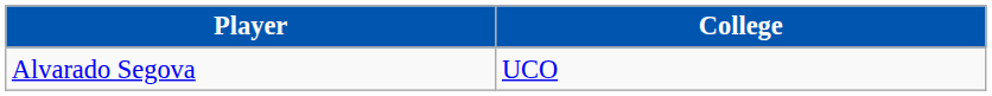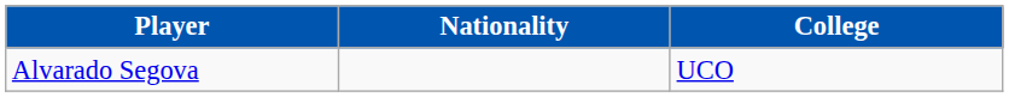 <table class="wikitable sortable sortable">
 <tr>
 <th width="20%" style="background:#0055AF; color:#FFFFFF; ">Player</th>
+<th width="20%" style="background:#0055AF; color:#FFFFFF; ">Nationality</th>
 <th width="20%" style="background:#0055AF; color:#FFFFFF; ">College</th>
 </tr>
 <tr>
 <td><a href='#'>Alvarado Segova</a></td>
+<td></td>
 <td><a href='#'>UCO</a></td>
 </tr>
 </table>
